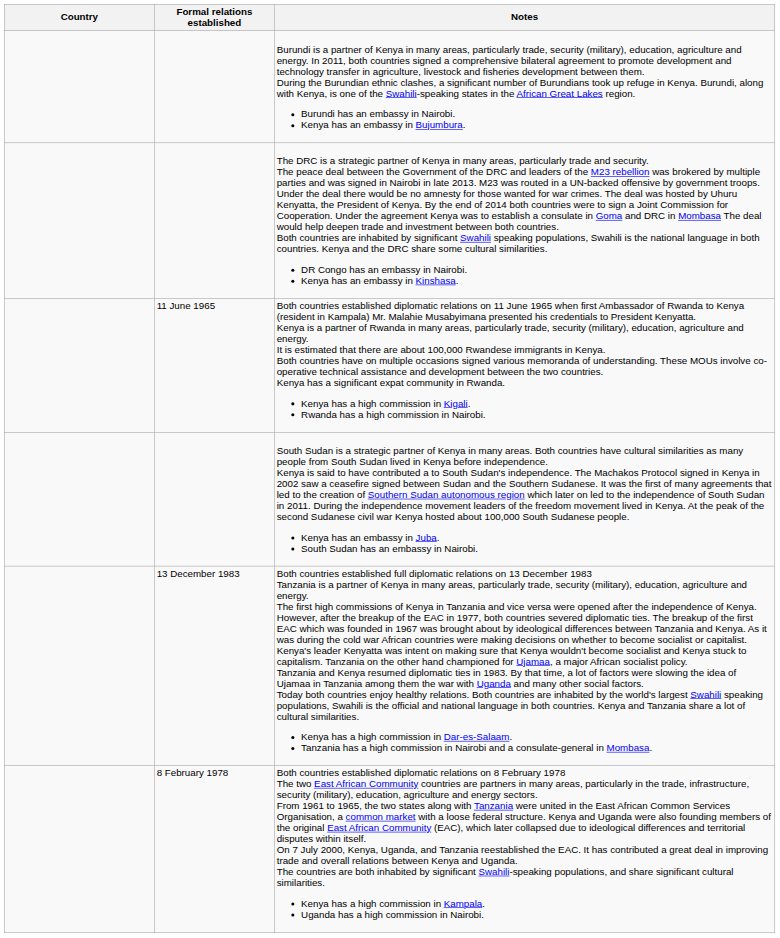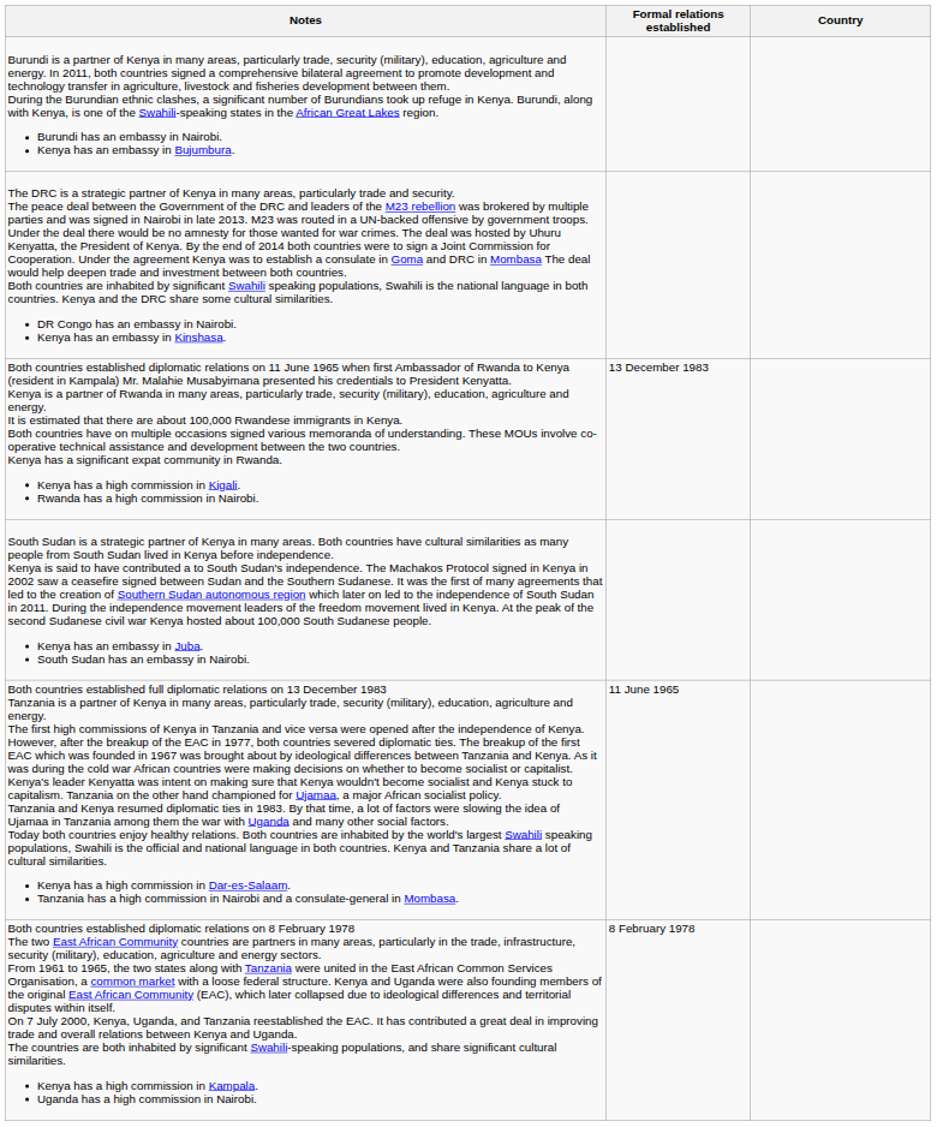 <table class="wikitable sortable" style="width:100%; margin:auto;">
 <tr>
+<th style="width:50%;">Notes</th>
+<th style="width:12%;">Formal relations established</th>
 <th style="width:15%;">Country</th>
-<th style="width:12%;">Formal relations established</th>
-<th style="width:50%;">Notes</th>
 </tr>
 <tr valign="top">
+<td><br>Burundi is a partner of Kenya in many areas, particularly trade, security (military), education, agriculture and energy. In 2011, both countries signed a comprehensive bilateral agreement to promote development and technology transfer in agriculture, livestock and fisheries development between them.<br>During the Burundian ethnic clashes, a significant number of Burundians took up refuge in Kenya. Burundi, along with Kenya, is one of the <a href='#'>Swahili</a>-speaking states in the <a href='#'>African Great Lakes</a> region.<ul><li>Burundi has an embassy in Nairobi.</li><li>Kenya has an embassy in <a href='#'>Bujumbura</a>.</li></ul></td>
 <td></td>
 <td></td>
-<td><br>Burundi is a partner of Kenya in many areas, particularly trade, security (military), education, agriculture and energy. In 2011, both countries signed a comprehensive bilateral agreement to promote development and technology transfer in agriculture, livestock and fisheries development between them.<br>During the Burundian ethnic clashes, a significant number of Burundians took up refuge in Kenya. Burundi, along with Kenya, is one of the <a href='#'>Swahili</a>-speaking states in the <a href='#'>African Great Lakes</a> region.<ul><li>Burundi has an embassy in Nairobi.</li><li>Kenya has an embassy in <a href='#'>Bujumbura</a>.</li></ul></td>
 </tr>
 <tr valign="top">
+<td><br>The DRC is a strategic partner of Kenya in many areas, particularly trade and security.<br>The peace deal between the Government of the DRC and leaders of the <a href='#'>M23 rebellion</a> was brokered by multiple parties and was signed in Nairobi in late 2013. M23 was routed in a UN-backed offensive by government troops. Under the deal there would be no amnesty for those wanted for war crimes. The deal was hosted by Uhuru Kenyatta, the President of Kenya. By the end of 2014 both countries were to sign a Joint Commission for Cooperation. Under the agreement Kenya was to establish a consulate in <a href='#'>Goma</a> and DRC in <a href='#'>Mombasa</a> The deal would help deepen trade and investment between both countries.<br>Both countries are inhabited by significant <a href='#'>Swahili</a> speaking populations, Swahili is the national language in both countries. Kenya and the DRC share some cultural similarities.<ul><li>DR Congo has an embassy in Nairobi.</li><li>Kenya has an embassy in <a href='#'>Kinshasa</a>.</li></ul></td>
 <td></td>
 <td></td>
-<td><br>The DRC is a strategic partner of Kenya in many areas, particularly trade and security.<br>The peace deal between the Government of the DRC and leaders of the <a href='#'>M23 rebellion</a> was brokered by multiple parties and was signed in Nairobi in late 2013. M23 was routed in a UN-backed offensive by government troops. Under the deal there would be no amnesty for those wanted for war crimes. The deal was hosted by Uhuru Kenyatta, the President of Kenya. By the end of 2014 both countries were to sign a Joint Commission for Cooperation. Under the agreement Kenya was to establish a consulate in <a href='#'>Goma</a> and DRC in <a href='#'>Mombasa</a> The deal would help deepen trade and investment between both countries.<br>Both countries are inhabited by significant <a href='#'>Swahili</a> speaking populations, Swahili is the national language in both countries. Kenya and the DRC share some cultural similarities.<ul><li>DR Congo has an embassy in Nairobi.</li><li>Kenya has an embassy in <a href='#'>Kinshasa</a>.</li></ul></td>
 </tr>
 <tr valign="top">
+<td>Both countries established diplomatic relations on 11 June 1965 when first Ambassador of Rwanda to Kenya (resident in Kampala) Mr. Malahie Musabyimana presented his credentials to President Kenyatta.<br>Kenya is a partner of Rwanda in many areas, particularly trade, security (military), education, agriculture and energy.<br>It is estimated that there are about 100,000 Rwandese immigrants in Kenya.<br>Both countries have on multiple occasions signed various memoranda of understanding. These MOUs involve co-operative technical assistance and development between the two countries.<br>Kenya has a significant expat community in Rwanda.<ul><li>Kenya has a high commission in <a href='#'>Kigali</a>.</li><li>Rwanda has a high commission in Nairobi.</li></ul></td>
+<td>13 December 1983</td>
 <td></td>
-<td>11 June 1965</td>
-<td>Both countries established diplomatic relations on 11 June 1965 when first Ambassador of Rwanda to Kenya (resident in Kampala) Mr. Malahie Musabyimana presented his credentials to President Kenyatta.<br>Kenya is a partner of Rwanda in many areas, particularly trade, security (military), education, agriculture and energy.<br>It is estimated that there are about 100,000 Rwandese immigrants in Kenya.<br>Both countries have on multiple occasions signed various memoranda of understanding. These MOUs involve co-operative technical assistance and development between the two countries.<br>Kenya has a significant expat community in Rwanda.<ul><li>Kenya has a high commission in <a href='#'>Kigali</a>.</li><li>Rwanda has a high commission in Nairobi.</li></ul></td>
 </tr>
 <tr valign="top">
+<td><br>South Sudan is a strategic partner of Kenya in many areas. Both countries have cultural similarities as many people from South Sudan lived in Kenya before independence.<br>Kenya is said to have contributed a to South Sudan's independence. The Machakos Protocol signed in Kenya in 2002 saw a ceasefire signed between Sudan and the Southern Sudanese. It was the first of many agreements that led to the creation of <a href='#'>Southern Sudan autonomous region</a> which later on led to the independence of South Sudan in 2011. During the independence movement leaders of the freedom movement lived in Kenya. At the peak of the second Sudanese civil war Kenya hosted about 100,000 South Sudanese people.<ul><li>Kenya has an embassy in <a href='#'>Juba</a>.</li><li>South Sudan has an embassy in Nairobi.</li></ul></td>
 <td></td>
 <td></td>
-<td><br>South Sudan is a strategic partner of Kenya in many areas. Both countries have cultural similarities as many people from South Sudan lived in Kenya before independence.<br>Kenya is said to have contributed a to South Sudan's independence. The Machakos Protocol signed in Kenya in 2002 saw a ceasefire signed between Sudan and the Southern Sudanese. It was the first of many agreements that led to the creation of <a href='#'>Southern Sudan autonomous region</a> which later on led to the independence of South Sudan in 2011. During the independence movement leaders of the freedom movement lived in Kenya. At the peak of the second Sudanese civil war Kenya hosted about 100,000 South Sudanese people.<ul><li>Kenya has an embassy in <a href='#'>Juba</a>.</li><li>South Sudan has an embassy in Nairobi.</li></ul></td>
 </tr>
 <tr valign="top">
+<td>Both countries established full diplomatic relations on 13 December 1983<br>Tanzania is a partner of Kenya in many areas, particularly trade, security (military), education, agriculture and energy.<br>The first high commissions of Kenya in Tanzania and vice versa were opened after the independence of Kenya. However, after the breakup of the EAC in 1977, both countries severed diplomatic ties. The breakup of the first EAC which was founded in 1967 was brought about by ideological differences between Tanzania and Kenya. As it was during the cold war African countries were making decisions on whether to become socialist or capitalist. Kenya's leader Kenyatta was intent on making sure that Kenya wouldn't become socialist and Kenya stuck to capitalism. Tanzania on the other hand championed for <a href='#'>Ujamaa</a>, a major African socialist policy.<br>Tanzania and Kenya resumed diplomatic ties in 1983. By that time, a lot of factors were slowing the idea of Ujamaa in Tanzania among them the war with <a href='#'>Uganda</a> and many other social factors.<br>Today both countries enjoy healthy relations. Both countries are inhabited by the world's largest <a href='#'>Swahili</a> speaking populations, Swahili is the official and national language in both countries. Kenya and Tanzania share a lot of cultural similarities.<ul><li>Kenya has a high commission in <a href='#'>Dar-es-Salaam</a>.</li><li>Tanzania has a high commission in Nairobi and a consulate-general in <a href='#'>Mombasa</a>.</li></ul></td>
+<td>11 June 1965</td>
 <td></td>
-<td>13 December 1983</td>
-<td>Both countries established full diplomatic relations on 13 December 1983<br>Tanzania is a partner of Kenya in many areas, particularly trade, security (military), education, agriculture and energy.<br>The first high commissions of Kenya in Tanzania and vice versa were opened after the independence of Kenya. However, after the breakup of the EAC in 1977, both countries severed diplomatic ties. The breakup of the first EAC which was founded in 1967 was brought about by ideological differences between Tanzania and Kenya. As it was during the cold war African countries were making decisions on whether to become socialist or capitalist. Kenya's leader Kenyatta was intent on making sure that Kenya wouldn't become socialist and Kenya stuck to capitalism. Tanzania on the other hand championed for <a href='#'>Ujamaa</a>, a major African socialist policy.<br>Tanzania and Kenya resumed diplomatic ties in 1983. By that time, a lot of factors were slowing the idea of Ujamaa in Tanzania among them the war with <a href='#'>Uganda</a> and many other social factors.<br>Today both countries enjoy healthy relations. Both countries are inhabited by the world's largest <a href='#'>Swahili</a> speaking populations, Swahili is the official and national language in both countries. Kenya and Tanzania share a lot of cultural similarities.<ul><li>Kenya has a high commission in <a href='#'>Dar-es-Salaam</a>.</li><li>Tanzania has a high commission in Nairobi and a consulate-general in <a href='#'>Mombasa</a>.</li></ul></td>
 </tr>
 <tr valign="top">
+<td>Both countries established diplomatic relations on 8 February 1978<br>The two <a href='#'>East African Community</a> countries are partners in many areas, particularly in the trade, infrastructure, security (military), education, agriculture and energy sectors.<br>From 1961 to 1965, the two states along with <a href='#'>Tanzania</a> were united in the East African Common Services Organisation, a <a href='#'>common market</a> with a loose federal structure. Kenya and Uganda were also founding members of the original <a href='#'>East African Community</a> (EAC), which later collapsed due to ideological differences and territorial disputes within itself.<br>On 7 July 2000, Kenya, Uganda, and Tanzania reestablished the EAC. It has contributed a great deal in improving trade and overall relations between Kenya and Uganda.<br>The countries are both inhabited by significant <a href='#'>Swahili</a>-speaking populations, and share significant cultural similarities.<ul><li>Kenya has a high commission in <a href='#'>Kampala</a>.</li><li>Uganda has a high commission in Nairobi.</li></ul></td>
+<td>8 February 1978</td>
 <td></td>
-<td>8 February 1978</td>
-<td>Both countries established diplomatic relations on 8 February 1978<br>The two <a href='#'>East African Community</a> countries are partners in many areas, particularly in the trade, infrastructure, security (military), education, agriculture and energy sectors.<br>From 1961 to 1965, the two states along with <a href='#'>Tanzania</a> were united in the East African Common Services Organisation, a <a href='#'>common market</a> with a loose federal structure. Kenya and Uganda were also founding members of the original <a href='#'>East African Community</a> (EAC), which later collapsed due to ideological differences and territorial disputes within itself.<br>On 7 July 2000, Kenya, Uganda, and Tanzania reestablished the EAC. It has contributed a great deal in improving trade and overall relations between Kenya and Uganda.<br>The countries are both inhabited by significant <a href='#'>Swahili</a>-speaking populations, and share significant cultural similarities.<ul><li>Kenya has a high commission in <a href='#'>Kampala</a>.</li><li>Uganda has a high commission in Nairobi.</li></ul></td>
 </tr>
 </table>
